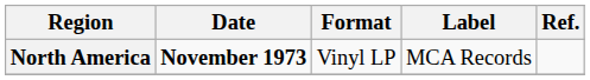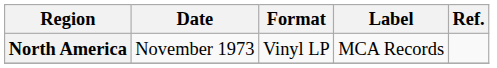 <table class="wikitable plainrowheaders">
 <tr>
 <th scope="col">Region</th>
 <th scope="col">Date</th>
 <th scope="col">Format</th>
 <th scope="col">Label</th>
 <th scope="col">Ref.</th>
 </tr>
 <tr>
 <th scope="row">North America</th>
-<td><strong>November 1973</strong></td>
+<td>November 1973</td>
 <td>Vinyl LP</td>
 <td>MCA Records</td>
 <td></td>
 </tr>
 <tr>
 </tr>
 </table>
